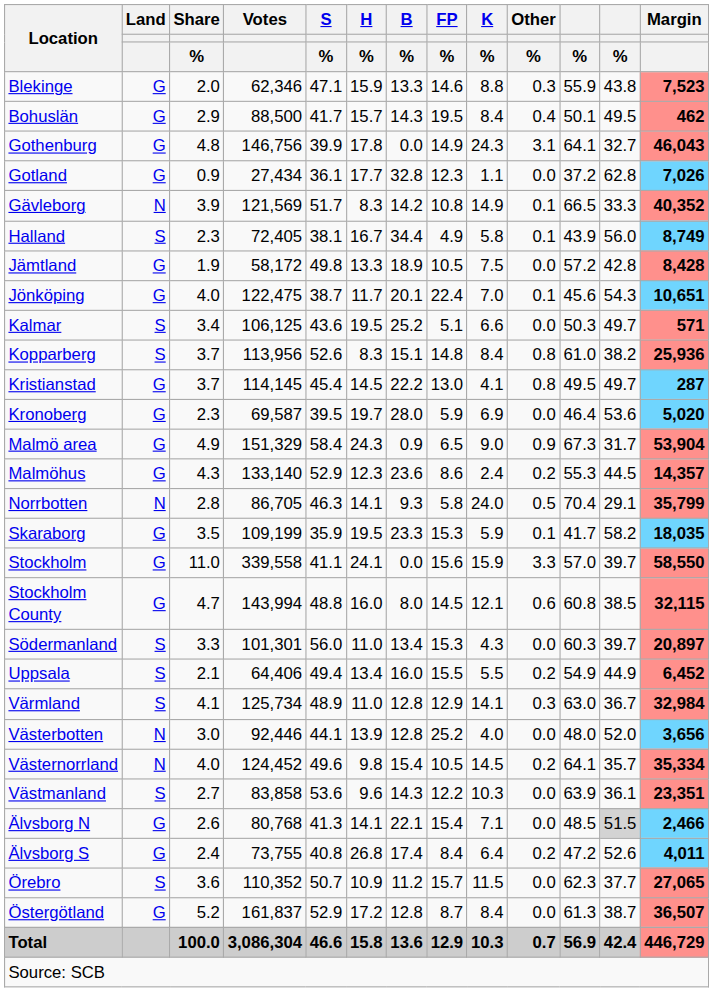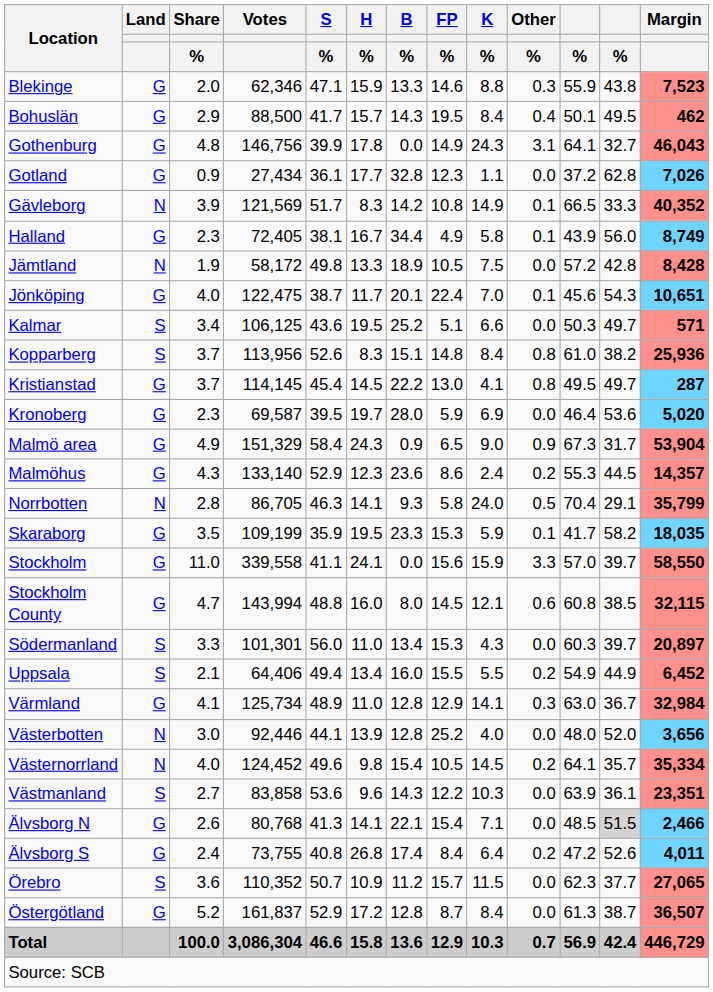 <table class="wikitable sortable" style="text-align:right; font-size:95%; line-height:20px;">
 <tr>
 <th rowspan="3">Location</th>
 <th>Land</th>
 <th>Share</th>
 <th>Votes</th>
 <th width="30px" class="unsortable"><a href='#'>S</a></th>
 <th width="30px" class="unsortable"><a href='#'>H</a></th>
 <th width="30px" class="unsortable"><a href='#'>B</a></th>
 <th width="30px" class="unsortable"><a href='#'>FP</a></th>
 <th width="30px" class="unsortable"><a href='#'>K</a></th>
 <th width="30px" class="unsortable">Other</th>
 <th></th>
 <th></th>
 <th>Margin</th>
 </tr>
 <tr>
 <th></th>
 <th></th>
 <th></th>
 <th style="background:"></th>
 <th style="background:"></th>
 <th style="background:"></th>
 <th style="background:"></th>
 <th style="background:"></th>
 <th style="background:"></th>
 <th style="background:"></th>
 <th style="background:"></th>
 <th></th>
 </tr>
 <tr>
 <th></th>
 <th data-sort-type="number">%</th>
 <th></th>
 <th data-sort-type="number">%</th>
 <th data-sort-type="number">%</th>
 <th data-sort-type="number">%</th>
 <th data-sort-type="number">%</th>
 <th data-sort-type="number">%</th>
 <th data-sort-type="number">%</th>
 <th data-sort-type="number">%</th>
 <th data-sort-type="number">%</th>
 <th></th>
 </tr>
 <tr>
 <td align=left><a href='#'>Blekinge</a></td>
 <td><a href='#'>G</a></td>
 <td>2.0</td>
 <td>62,346</td>
 <td>47.1</td>
 <td>15.9</td>
 <td>13.3</td>
 <td>14.6</td>
 <td>8.8</td>
 <td>0.3</td>
 <td>55.9</td>
 <td>43.8</td>
 <td bgcolor=#ff908c><strong>7,523</strong></td>
 </tr>
 <tr>
 <td align=left><a href='#'>Bohuslän</a></td>
 <td><a href='#'>G</a></td>
 <td>2.9</td>
 <td>88,500</td>
 <td>41.7</td>
 <td>15.7</td>
 <td>14.3</td>
 <td>19.5</td>
 <td>8.4</td>
 <td>0.4</td>
 <td>50.1</td>
 <td>49.5</td>
 <td bgcolor=#ff908c><strong>462</strong></td>
 </tr>
 <tr>
 <td align=left><a href='#'>Gothenburg</a></td>
 <td><a href='#'>G</a></td>
 <td>4.8</td>
 <td>146,756</td>
 <td>39.9</td>
 <td>17.8</td>
 <td>0.0</td>
 <td>14.9</td>
 <td>24.3</td>
 <td>3.1</td>
 <td>64.1</td>
 <td>32.7</td>
 <td bgcolor=#ff908c><strong>46,043</strong></td>
 </tr>
 <tr>
 <td align=left><a href='#'>Gotland</a></td>
 <td><a href='#'>G</a></td>
 <td>0.9</td>
 <td>27,434</td>
 <td>36.1</td>
 <td>17.7</td>
 <td>32.8</td>
 <td>12.3</td>
 <td>1.1</td>
 <td>0.0</td>
 <td>37.2</td>
 <td>62.8</td>
 <td bgcolor=#6fd5fe><strong>7,026</strong></td>
 </tr>
 <tr>
 <td align=left><a href='#'>Gävleborg</a></td>
 <td><a href='#'>N</a></td>
 <td>3.9</td>
 <td>121,569</td>
 <td>51.7</td>
 <td>8.3</td>
 <td>14.2</td>
 <td>10.8</td>
 <td>14.9</td>
 <td>0.1</td>
 <td>66.5</td>
 <td>33.3</td>
 <td bgcolor=#ff908c><strong>40,352</strong></td>
 </tr>
 <tr>
 <td align=left><a href='#'>Halland</a></td>
-<td><a href='#'>S</a></td>
+<td><a href='#'>G</a></td>
 <td>2.3</td>
 <td>72,405</td>
 <td>38.1</td>
 <td>16.7</td>
 <td>34.4</td>
 <td>4.9</td>
 <td>5.8</td>
 <td>0.1</td>
 <td>43.9</td>
 <td>56.0</td>
 <td bgcolor=#6fd5fe><strong>8,749</strong></td>
 </tr>
 <tr>
 <td align=left><a href='#'>Jämtland</a></td>
-<td><a href='#'>G</a></td>
+<td><a href='#'>N</a></td>
 <td>1.9</td>
 <td>58,172</td>
 <td>49.8</td>
 <td>13.3</td>
 <td>18.9</td>
 <td>10.5</td>
 <td>7.5</td>
 <td>0.0</td>
 <td>57.2</td>
 <td>42.8</td>
 <td bgcolor=#ff908c><strong>8,428</strong></td>
 </tr>
 <tr>
 <td align=left><a href='#'>Jönköping</a></td>
 <td><a href='#'>G</a></td>
 <td>4.0</td>
 <td>122,475</td>
 <td>38.7</td>
 <td>11.7</td>
 <td>20.1</td>
 <td>22.4</td>
 <td>7.0</td>
 <td>0.1</td>
 <td>45.6</td>
 <td>54.3</td>
 <td bgcolor=#6fd5fe><strong>10,651</strong></td>
 </tr>
 <tr>
 <td align=left><a href='#'>Kalmar</a></td>
 <td><a href='#'>S</a></td>
 <td>3.4</td>
 <td>106,125</td>
 <td>43.6</td>
 <td>19.5</td>
 <td>25.2</td>
 <td>5.1</td>
 <td>6.6</td>
 <td>0.0</td>
 <td>50.3</td>
 <td>49.7</td>
 <td bgcolor=#ff908c><strong>571</strong></td>
 </tr>
 <tr>
 <td align=left><a href='#'>Kopparberg</a></td>
 <td><a href='#'>S</a></td>
 <td>3.7</td>
 <td>113,956</td>
 <td>52.6</td>
 <td>8.3</td>
 <td>15.1</td>
 <td>14.8</td>
 <td>8.4</td>
 <td>0.8</td>
 <td>61.0</td>
 <td>38.2</td>
 <td bgcolor=#ff908c><strong>25,936</strong></td>
 </tr>
 <tr>
 <td align=left><a href='#'>Kristianstad</a></td>
 <td><a href='#'>G</a></td>
 <td>3.7</td>
 <td>114,145</td>
 <td>45.4</td>
 <td>14.5</td>
 <td>22.2</td>
 <td>13.0</td>
 <td>4.1</td>
 <td>0.8</td>
 <td>49.5</td>
 <td>49.7</td>
 <td bgcolor=#6fd5fe><strong>287</strong></td>
 </tr>
 <tr>
 <td align=left><a href='#'>Kronoberg</a></td>
 <td><a href='#'>G</a></td>
 <td>2.3</td>
 <td>69,587</td>
 <td>39.5</td>
 <td>19.7</td>
 <td>28.0</td>
 <td>5.9</td>
 <td>6.9</td>
 <td>0.0</td>
 <td>46.4</td>
 <td>53.6</td>
 <td bgcolor=#6fd5fe><strong>5,020</strong></td>
 </tr>
 <tr>
 <td align=left><a href='#'>Malmö area</a></td>
 <td><a href='#'>G</a></td>
 <td>4.9</td>
 <td>151,329</td>
 <td>58.4</td>
 <td>24.3</td>
 <td>0.9</td>
 <td>6.5</td>
 <td>9.0</td>
 <td>0.9</td>
 <td>67.3</td>
 <td>31.7</td>
 <td bgcolor=#ff908c><strong>53,904</strong></td>
 </tr>
 <tr>
 <td align=left><a href='#'>Malmöhus</a></td>
 <td><a href='#'>G</a></td>
 <td>4.3</td>
 <td>133,140</td>
 <td>52.9</td>
 <td>12.3</td>
 <td>23.6</td>
 <td>8.6</td>
 <td>2.4</td>
 <td>0.2</td>
 <td>55.3</td>
 <td>44.5</td>
 <td bgcolor=#ff908c><strong>14,357</strong></td>
 </tr>
 <tr>
 <td align=left><a href='#'>Norrbotten</a></td>
 <td><a href='#'>N</a></td>
 <td>2.8</td>
 <td>86,705</td>
 <td>46.3</td>
 <td>14.1</td>
 <td>9.3</td>
 <td>5.8</td>
 <td>24.0</td>
 <td>0.5</td>
 <td>70.4</td>
 <td>29.1</td>
 <td bgcolor=#ff908c><strong>35,799</strong></td>
 </tr>
 <tr>
 <td align=left><a href='#'>Skaraborg</a></td>
 <td><a href='#'>G</a></td>
 <td>3.5</td>
 <td>109,199</td>
 <td>35.9</td>
 <td>19.5</td>
 <td>23.3</td>
 <td>15.3</td>
 <td>5.9</td>
 <td>0.1</td>
 <td>41.7</td>
 <td>58.2</td>
 <td bgcolor=#6fd5fe><strong>18,035</strong></td>
 </tr>
 <tr>
 <td align=left><a href='#'>Stockholm</a></td>
 <td><a href='#'>G</a></td>
 <td>11.0</td>
 <td>339,558</td>
 <td>41.1</td>
 <td>24.1</td>
 <td>0.0</td>
 <td>15.6</td>
 <td>15.9</td>
 <td>3.3</td>
 <td>57.0</td>
 <td>39.7</td>
 <td bgcolor=#ff908c><strong>58,550</strong></td>
 </tr>
 <tr>
 <td align=left><a href='#'>Stockholm County</a></td>
 <td><a href='#'>G</a></td>
 <td>4.7</td>
 <td>143,994</td>
 <td>48.8</td>
 <td>16.0</td>
 <td>8.0</td>
 <td>14.5</td>
 <td>12.1</td>
 <td>0.6</td>
 <td>60.8</td>
 <td>38.5</td>
 <td bgcolor=#ff908c><strong>32,115</strong></td>
 </tr>
 <tr>
 <td align=left><a href='#'>Södermanland</a></td>
 <td><a href='#'>S</a></td>
 <td>3.3</td>
 <td>101,301</td>
 <td>56.0</td>
 <td>11.0</td>
 <td>13.4</td>
 <td>15.3</td>
 <td>4.3</td>
 <td>0.0</td>
 <td>60.3</td>
 <td>39.7</td>
 <td bgcolor=#ff908c><strong>20,897</strong></td>
 </tr>
 <tr>
 <td align=left><a href='#'>Uppsala</a></td>
 <td><a href='#'>S</a></td>
 <td>2.1</td>
 <td>64,406</td>
 <td>49.4</td>
 <td>13.4</td>
 <td>16.0</td>
 <td>15.5</td>
 <td>5.5</td>
 <td>0.2</td>
 <td>54.9</td>
 <td>44.9</td>
 <td bgcolor=#ff908c><strong>6,452</strong></td>
 </tr>
 <tr>
 <td align=left><a href='#'>Värmland</a></td>
-<td><a href='#'>S</a></td>
+<td><a href='#'>G</a></td>
 <td>4.1</td>
 <td>125,734</td>
 <td>48.9</td>
 <td>11.0</td>
 <td>12.8</td>
 <td>12.9</td>
 <td>14.1</td>
 <td>0.3</td>
 <td>63.0</td>
 <td>36.7</td>
 <td bgcolor=#ff908c><strong>32,984</strong></td>
 </tr>
 <tr>
 <td align=left><a href='#'>Västerbotten</a></td>
 <td><a href='#'>N</a></td>
 <td>3.0</td>
 <td>92,446</td>
 <td>44.1</td>
 <td>13.9</td>
 <td>12.8</td>
 <td>25.2</td>
 <td>4.0</td>
 <td>0.0</td>
 <td>48.0</td>
 <td>52.0</td>
 <td bgcolor=#6fd5fe><strong>3,656</strong></td>
 </tr>
 <tr>
 <td align=left><a href='#'>Västernorrland</a></td>
 <td><a href='#'>N</a></td>
 <td>4.0</td>
 <td>124,452</td>
 <td>49.6</td>
 <td>9.8</td>
 <td>15.4</td>
 <td>10.5</td>
 <td>14.5</td>
 <td>0.2</td>
 <td>64.1</td>
 <td>35.7</td>
 <td bgcolor=#ff908c><strong>35,334</strong></td>
 </tr>
 <tr>
 <td align=left><a href='#'>Västmanland</a></td>
 <td><a href='#'>S</a></td>
 <td>2.7</td>
 <td>83,858</td>
 <td>53.6</td>
 <td>9.6</td>
 <td>14.3</td>
 <td>12.2</td>
 <td>10.3</td>
 <td>0.0</td>
 <td>63.9</td>
 <td>36.1</td>
 <td bgcolor=#ff908c><strong>23,351</strong></td>
 </tr>
 <tr>
 <td align=left><a href='#'>Älvsborg N</a></td>
 <td><a href='#'>G</a></td>
 <td>2.6</td>
 <td>80,768</td>
 <td>41.3</td>
 <td>14.1</td>
 <td>22.1</td>
 <td>15.4</td>
 <td>7.1</td>
 <td>0.0</td>
 <td>48.5</td>
 <td style="background: lightgrey;">51.5</td>
 <td bgcolor=#6fd5fe><strong>2,466</strong></td>
 </tr>
 <tr>
 <td align=left><a href='#'>Älvsborg S</a></td>
 <td><a href='#'>G</a></td>
 <td>2.4</td>
 <td>73,755</td>
 <td>40.8</td>
 <td>26.8</td>
 <td>17.4</td>
 <td>8.4</td>
 <td>6.4</td>
 <td>0.2</td>
 <td>47.2</td>
 <td>52.6</td>
 <td bgcolor=#6fd5fe><strong>4,011</strong></td>
 </tr>
 <tr>
 <td align=left><a href='#'>Örebro</a></td>
 <td><a href='#'>S</a></td>
 <td>3.6</td>
 <td>110,352</td>
 <td>50.7</td>
 <td>10.9</td>
 <td>11.2</td>
 <td>15.7</td>
 <td>11.5</td>
 <td>0.0</td>
 <td>62.3</td>
 <td>37.7</td>
 <td bgcolor=#ff908c><strong>27,065</strong></td>
 </tr>
 <tr>
 <td align=left><a href='#'>Östergötland</a></td>
 <td><a href='#'>G</a></td>
 <td>5.2</td>
 <td>161,837</td>
 <td>52.9</td>
 <td>17.2</td>
 <td>12.8</td>
 <td>8.7</td>
 <td>8.4</td>
 <td>0.0</td>
 <td>61.3</td>
 <td>38.7</td>
 <td bgcolor=#ff908c><strong>36,507</strong></td>
 </tr>
 <tr>
 </tr>
 <tr style="background:#CDCDCD;">
 <td align=left><strong>Total</strong></td>
 <td></td>
 <td><strong>100.0</strong></td>
 <td><strong>3,086,304</strong></td>
 <td><strong>46.6</strong></td>
 <td><strong>15.8</strong></td>
 <td><strong>13.6</strong></td>
 <td><strong>12.9</strong></td>
 <td><strong>10.3</strong></td>
 <td><strong>0.7</strong></td>
 <td><strong>56.9</strong></td>
 <td><strong>42.4</strong></td>
 <td bgcolor=#ff908c><strong>446,729</strong></td>
 </tr>
 <tr>
 <td align=left colspan=14>Source: SCB </td>
 </tr>
 </table>
